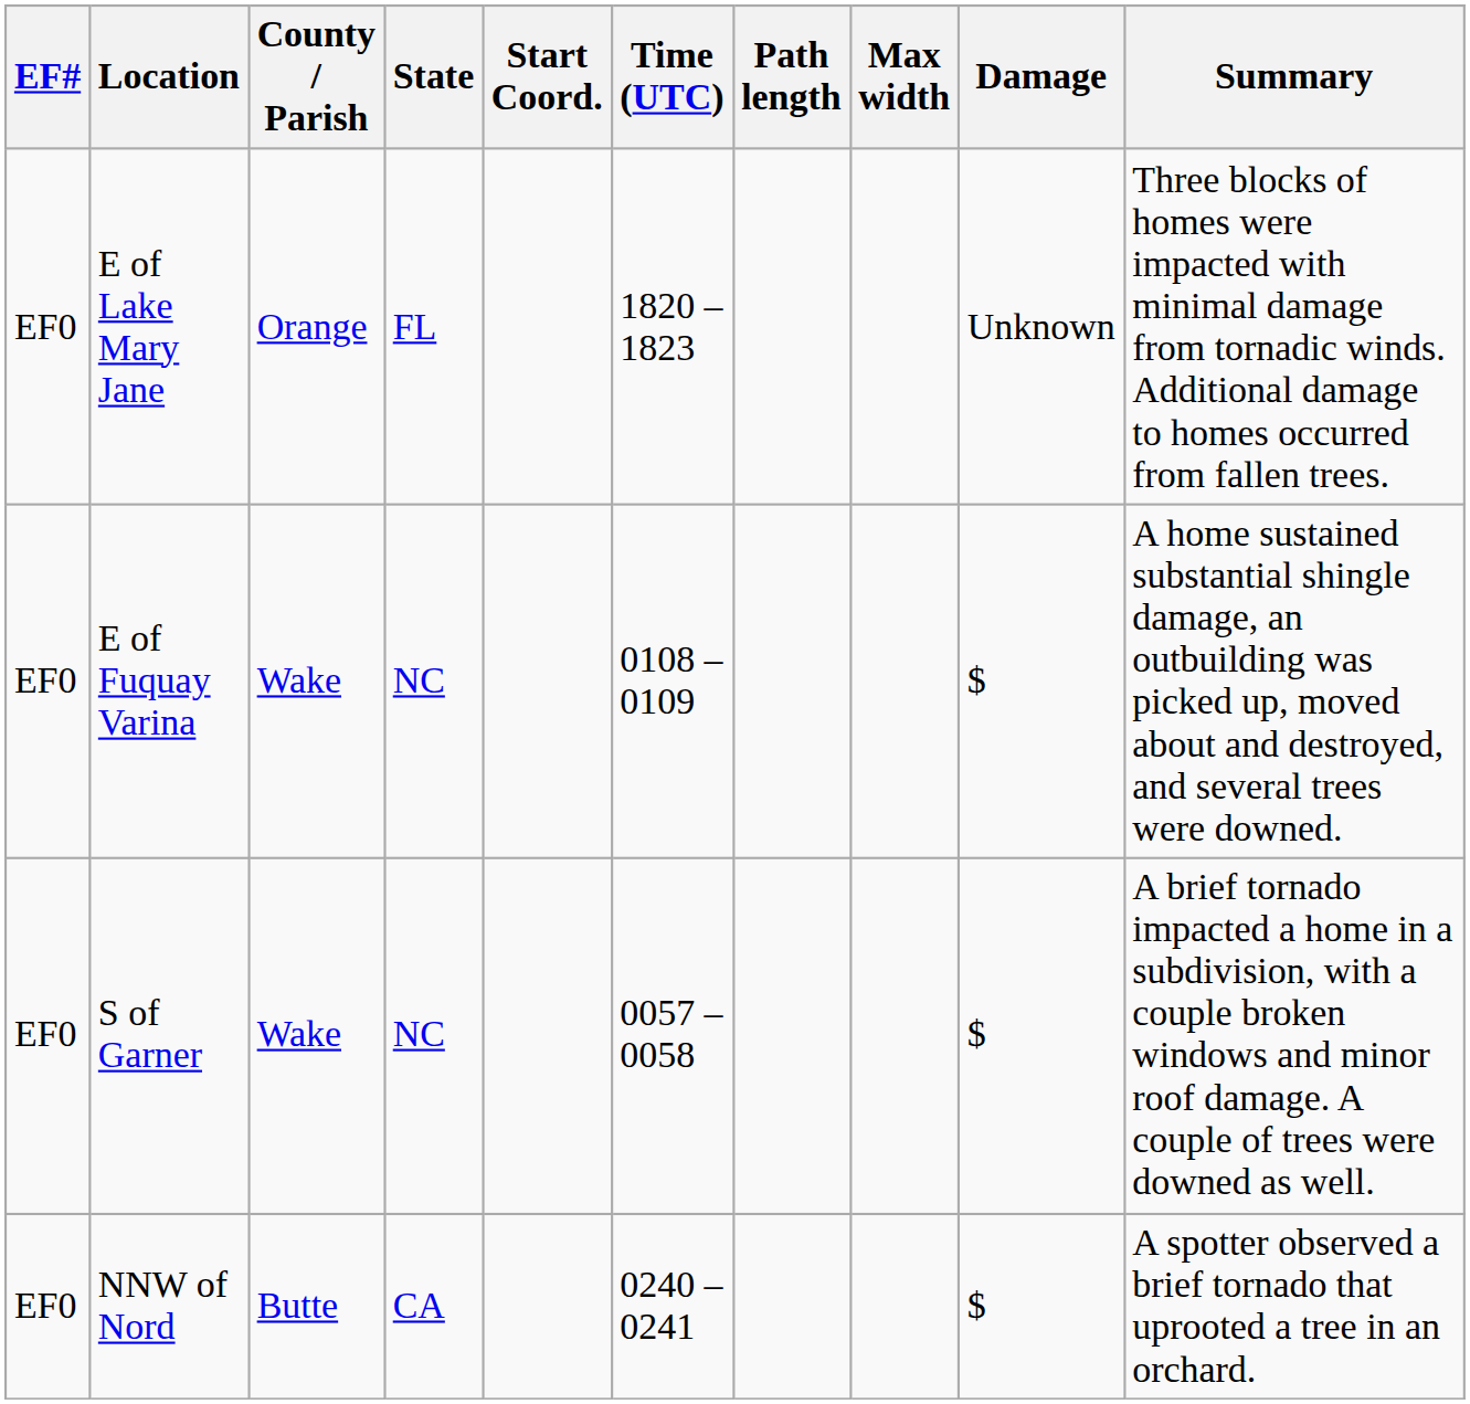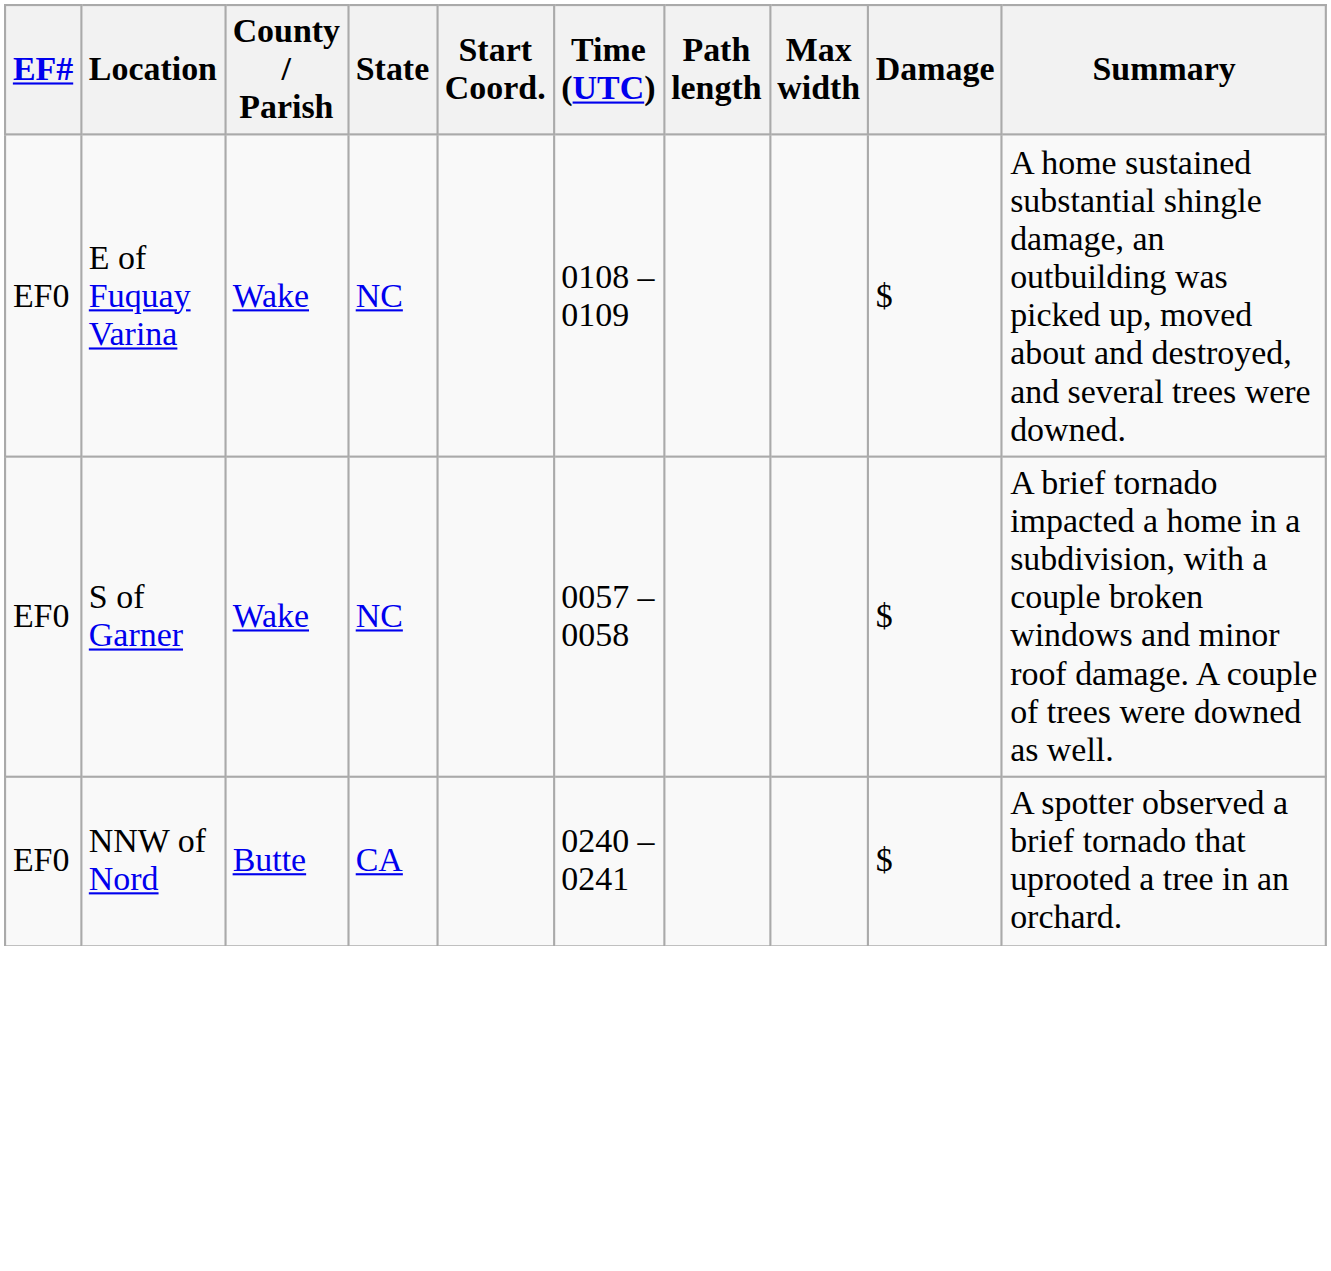 <table class="wikitable sortable" style="width:100%;">
 <tr>
 <th scope="col" width="3%" align="center"><a href='#'>EF#</a></th>
 <th scope="col" width="7%" align="center" class="unsortable">Location</th>
 <th scope="col" width="6%" align="center" class="unsortable">County / Parish</th>
 <th scope="col" width="5%" align="center">State</th>
 <th scope="col" width="6%" align="center">Start Coord.</th>
 <th scope="col" width="6%" align="center">Time (<a href='#'>UTC</a>)</th>
 <th scope="col" width="6%" align="center">Path length</th>
 <th scope="col" width="6%" align="center">Max width</th>
 <th scope="col" width="6%" align="center">Damage</th>
 <th scope="col" width="48%" class="unsortable" align="center">Summary</th>
-</tr>
-<tr>
-<td>EF0</td>
-<td>E of <a href='#'>Lake Mary Jane</a></td>
-<td><a href='#'>Orange</a></td>
-<td><a href='#'>FL</a></td>
-<td></td>
-<td>1820 – 1823</td>
-<td></td>
-<td></td>
-<td>Unknown</td>
-<td>Three blocks of homes were impacted with minimal damage from tornadic winds. Additional damage to homes occurred from fallen trees.</td>
 </tr>
 <tr>
 <td>EF0</td>
 <td>E of <a href='#'>Fuquay Varina</a></td>
 <td><a href='#'>Wake</a></td>
 <td><a href='#'>NC</a></td>
 <td></td>
 <td>0108 – 0109</td>
 <td></td>
 <td></td>
 <td>$</td>
 <td>A home sustained substantial shingle damage, an outbuilding was picked up, moved about  and destroyed, and several trees were downed.</td>
 </tr>
 <tr>
 <td>EF0</td>
 <td>S of <a href='#'>Garner</a></td>
 <td><a href='#'>Wake</a></td>
 <td><a href='#'>NC</a></td>
 <td></td>
 <td>0057 – 0058</td>
 <td></td>
 <td></td>
 <td>$</td>
 <td>A brief tornado impacted a home in a subdivision, with a couple broken windows and minor roof damage. A couple of trees were downed as well.</td>
 </tr>
 <tr>
 <td>EF0</td>
 <td>NNW of <a href='#'>Nord</a></td>
 <td><a href='#'>Butte</a></td>
 <td><a href='#'>CA</a></td>
 <td></td>
 <td>0240 – 0241</td>
 <td></td>
 <td></td>
 <td>$</td>
 <td>A spotter observed a brief tornado that uprooted a tree in an orchard.</td>
 </tr>
 </table>
